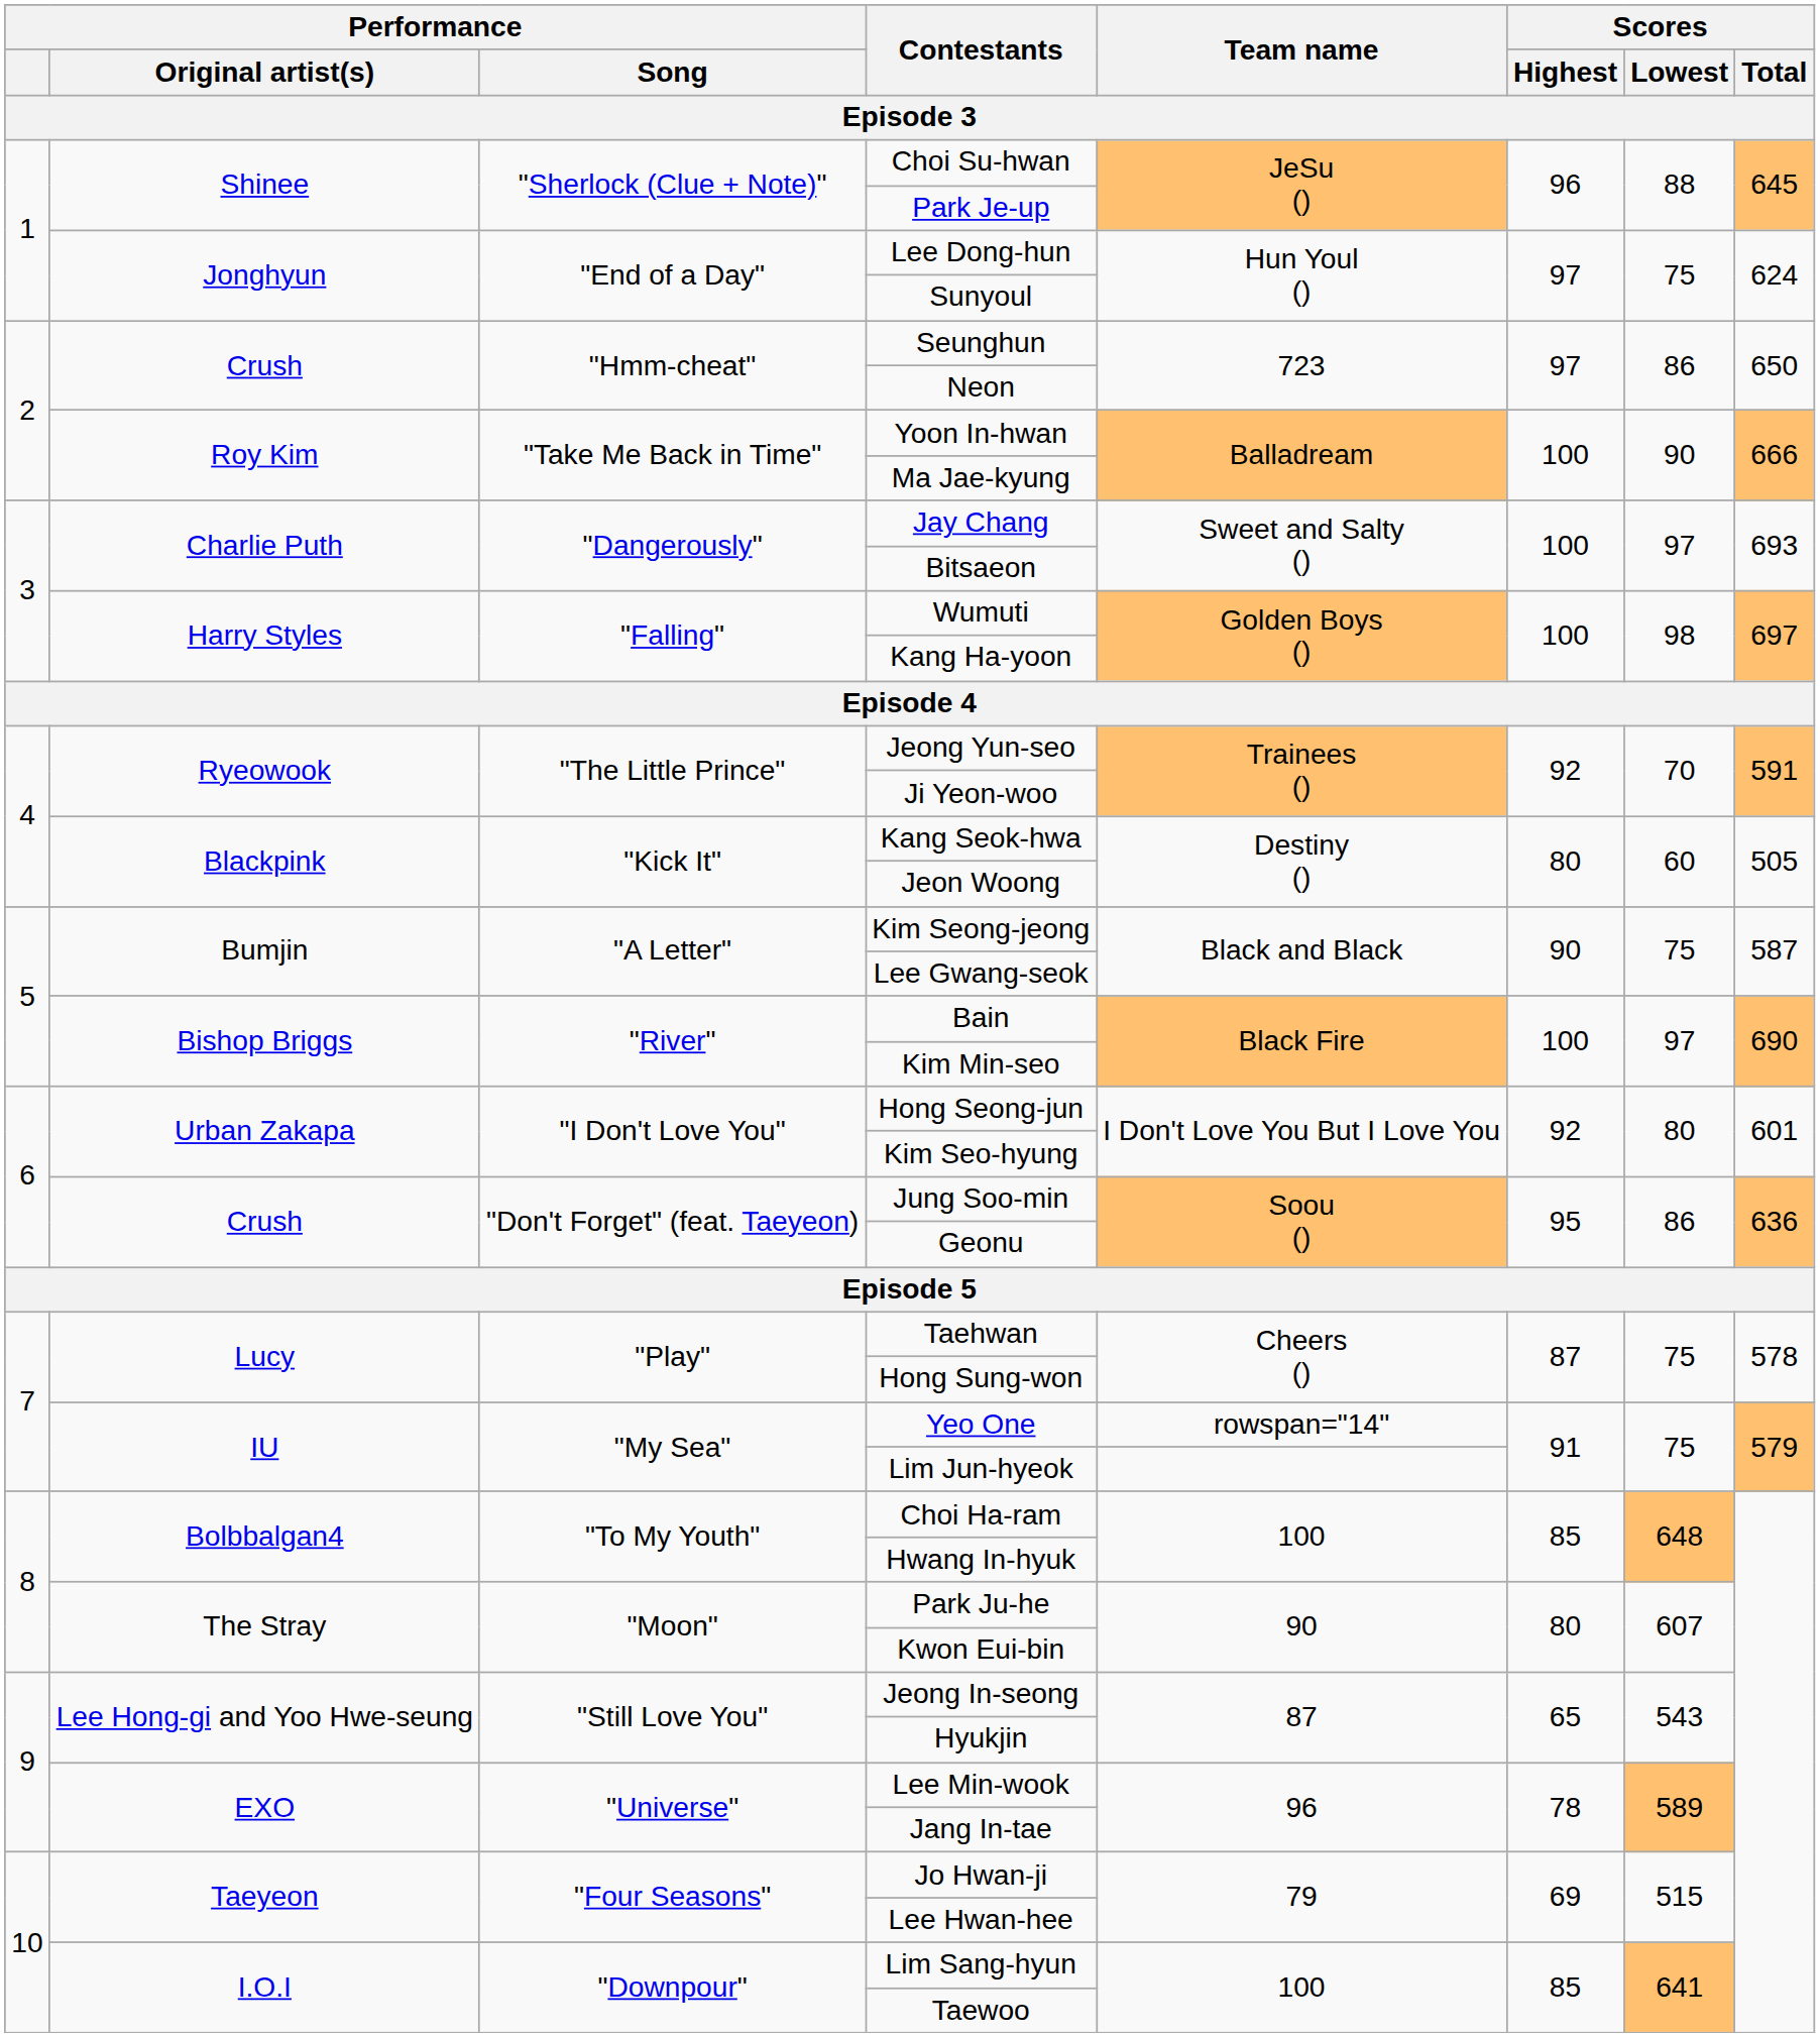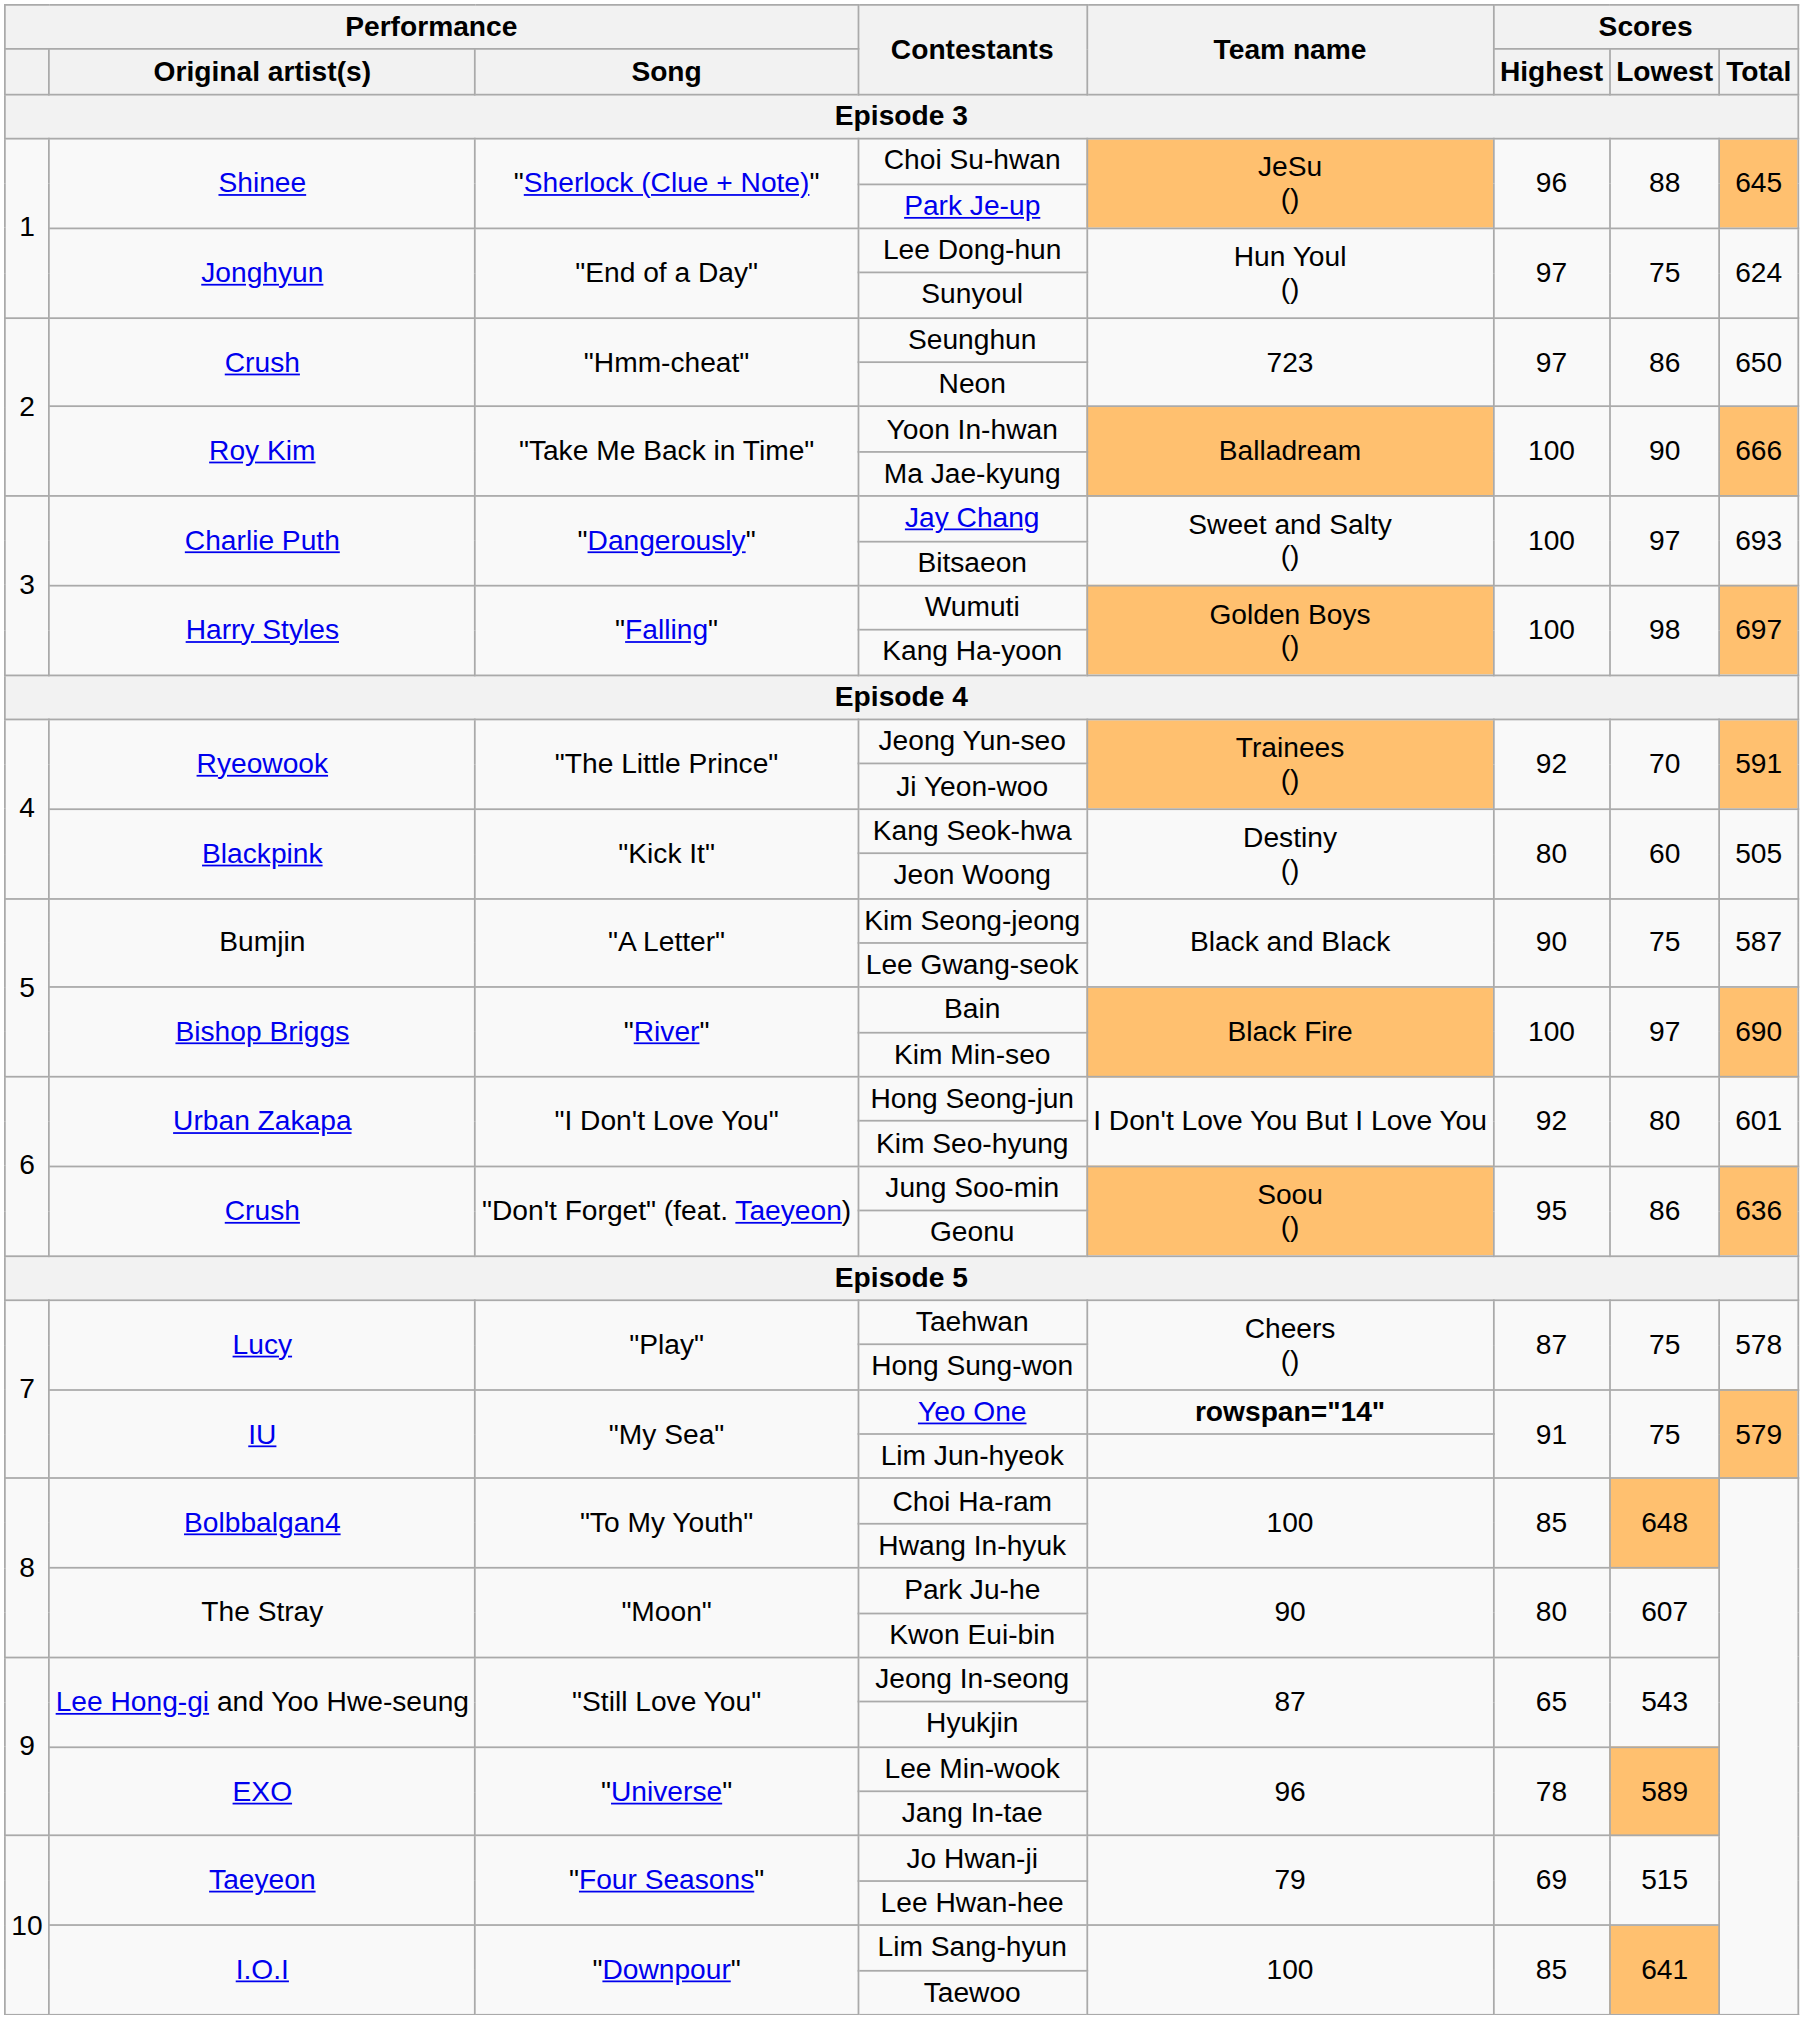 <table class="wikitable" style="text-align:center">
 <tr>
 <th colspan="3">Performance</th>
 <th rowspan="2">Contestants </th>
 <th rowspan="2">Team name</th>
 <th colspan="3">Scores</th>
 </tr>
 <tr>
 <th></th>
 <th>Original artist(s)</th>
 <th>Song</th>
 <th>Highest</th>
 <th>Lowest</th>
 <th>Total</th>
 </tr>
 <tr>
 <th colspan="8">Episode 3</th>
 </tr>
 <tr>
 <td rowspan="4">1</td>
 <td rowspan="2"><a href='#'>Shinee</a></td>
 <td rowspan="2">"<a href='#'>Sherlock (Clue + Note)</a>"<br></td>
 <td>Choi Su-hwan</td>
 <td rowspan="2" style="background:#FFC06F">JeSu<br>()</td>
 <td rowspan="2">96</td>
 <td rowspan="2">88</td>
 <td rowspan="2" style="background:#FFC06F">645</td>
 </tr>
 <tr>
 <td><a href='#'>Park Je-up</a></td>
 </tr>
 <tr>
 <td rowspan="2"><a href='#'>Jonghyun</a></td>
 <td rowspan="2">"End of a Day"<br></td>
 <td>Lee Dong-hun</td>
 <td rowspan="2">Hun Youl<br>()</td>
 <td rowspan="2">97</td>
 <td rowspan="2">75</td>
 <td rowspan="2">624</td>
 </tr>
 <tr>
 <td>Sunyoul</td>
 </tr>
 <tr>
 <td rowspan="4">2</td>
 <td rowspan="2"><a href='#'>Crush</a></td>
 <td rowspan="2">"Hmm-cheat"<br></td>
 <td>Seunghun</td>
 <td rowspan="2">723</td>
 <td rowspan="2">97</td>
 <td rowspan="2">86</td>
 <td rowspan="2">650</td>
 </tr>
 <tr>
 <td>Neon</td>
 </tr>
 <tr>
 <td rowspan="2"><a href='#'>Roy Kim</a></td>
 <td rowspan="2">"Take Me Back in Time"<br></td>
 <td>Yoon In-hwan</td>
 <td rowspan="2" style="background:#FFC06F">Balladream</td>
 <td rowspan="2">100</td>
 <td rowspan="2">90</td>
 <td rowspan="2" style="background:#FFC06F">666</td>
 </tr>
 <tr>
 <td>Ma Jae-kyung</td>
 </tr>
 <tr>
 <td rowspan="4">3</td>
 <td rowspan="2"><a href='#'>Charlie Puth</a></td>
 <td rowspan="2">"<a href='#'>Dangerously</a>"</td>
 <td><a href='#'>Jay Chang</a></td>
 <td rowspan="2">Sweet and Salty<br>()</td>
 <td rowspan="2">100</td>
 <td rowspan="2">97</td>
 <td rowspan="2">693</td>
 </tr>
 <tr>
 <td>Bitsaeon</td>
 </tr>
 <tr>
 <td rowspan="2"><a href='#'>Harry Styles</a></td>
 <td rowspan="2">"<a href='#'>Falling</a>"</td>
 <td>Wumuti</td>
 <td rowspan="2" style="background:#FFC06F">Golden Boys<br>()</td>
 <td rowspan="2">100</td>
 <td rowspan="2">98</td>
 <td rowspan="2" style="background:#FFC06F">697</td>
 </tr>
 <tr>
 <td>Kang Ha-yoon</td>
 </tr>
 <tr>
 <th colspan="8">Episode 4</th>
 </tr>
 <tr>
 <td rowspan="4">4</td>
 <td rowspan="2"><a href='#'>Ryeowook</a></td>
 <td rowspan="2">"The Little Prince"</td>
 <td>Jeong Yun-seo</td>
 <td rowspan="2" style="background:#FFC06F">Trainees<br>()</td>
 <td rowspan="2">92</td>
 <td rowspan="2">70</td>
 <td rowspan="2" style="background:#FFC06F">591</td>
 </tr>
 <tr>
 <td>Ji Yeon-woo</td>
 </tr>
 <tr>
 <td rowspan="2"><a href='#'>Blackpink</a></td>
 <td rowspan="2">"Kick It"</td>
 <td>Kang Seok-hwa</td>
 <td rowspan="2">Destiny<br>()</td>
 <td rowspan="2">80</td>
 <td rowspan="2">60</td>
 <td rowspan="2">505</td>
 </tr>
 <tr>
 <td>Jeon Woong</td>
 </tr>
 <tr>
 <td rowspan="4">5</td>
 <td rowspan="2">Bumjin</td>
 <td rowspan="2">"A Letter"<br></td>
 <td>Kim Seong-jeong</td>
 <td rowspan="2">Black and Black</td>
 <td rowspan="2">90</td>
 <td rowspan="2">75</td>
 <td rowspan="2">587</td>
 </tr>
 <tr>
 <td>Lee Gwang-seok</td>
 </tr>
 <tr>
 <td rowspan="2"><a href='#'>Bishop Briggs</a></td>
 <td rowspan="2">"<a href='#'>River</a>"</td>
 <td>Bain</td>
 <td rowspan="2" style="background:#FFC06F">Black Fire</td>
 <td rowspan="2">100</td>
 <td rowspan="2">97</td>
 <td rowspan="2" style="background:#FFC06F">690</td>
 </tr>
 <tr>
 <td>Kim Min-seo</td>
 </tr>
 <tr>
 <td rowspan="4">6</td>
 <td rowspan="2"><a href='#'>Urban Zakapa</a></td>
 <td rowspan="2">"I Don't Love You"<br></td>
 <td>Hong Seong-jun</td>
 <td rowspan="2">I Don't Love You But I Love You</td>
 <td rowspan="2">92</td>
 <td rowspan="2">80</td>
 <td rowspan="2">601</td>
 </tr>
 <tr>
 <td>Kim Seo-hyung</td>
 </tr>
 <tr>
 <td rowspan="2"><a href='#'>Crush</a></td>
 <td rowspan="2">"Don't Forget" (feat. <a href='#'>Taeyeon</a>)<br></td>
 <td>Jung Soo-min</td>
 <td rowspan="2" style="background:#FFC06F">Soou<br>()</td>
 <td rowspan="2">95</td>
 <td rowspan="2">86</td>
 <td rowspan="2" style="background:#FFC06F">636</td>
 </tr>
 <tr>
 <td>Geonu</td>
 </tr>
 <tr>
 <th colspan="8">Episode 5</th>
 </tr>
 <tr>
 <td rowspan="4">7</td>
 <td rowspan="2"><a href='#'>Lucy</a></td>
 <td rowspan="2">"Play"</td>
 <td>Taehwan</td>
 <td rowspan="2">Cheers<br>()</td>
 <td rowspan="2">87</td>
 <td rowspan="2">75</td>
 <td rowspan="2">578</td>
 </tr>
 <tr>
 <td>Hong Sung-won</td>
 </tr>
 <tr>
 <td rowspan="2"><a href='#'>IU</a></td>
 <td rowspan="2">"My Sea"<br></td>
 <td><a href='#'>Yeo One</a></td>
-<td>rowspan="14" </td>
+<td><strong>rowspan="14" </strong></td>
 <td rowspan="2">91</td>
 <td rowspan="2">75</td>
 <td rowspan="2" style="background:#FFC06F">579</td>
 </tr>
 <tr>
 <td>Lim Jun-hyeok</td>
 </tr>
 <tr>
 <td rowspan="4">8</td>
 <td rowspan="2"><a href='#'>Bolbbalgan4</a></td>
 <td rowspan="2">"To My Youth"<br></td>
 <td>Choi Ha-ram</td>
 <td rowspan="2">100</td>
 <td rowspan="2">85</td>
 <td rowspan="2"style="background:#FFC06F">648</td>
 </tr>
 <tr>
 <td>Hwang In-hyuk</td>
 </tr>
 <tr>
 <td rowspan="2">The Stray</td>
 <td rowspan="2">"Moon"<br></td>
 <td>Park Ju-he</td>
 <td rowspan="2">90</td>
 <td rowspan="2">80</td>
 <td rowspan="2">607</td>
 </tr>
 <tr>
 <td>Kwon Eui-bin</td>
 </tr>
 <tr>
 <td rowspan="4">9</td>
 <td rowspan="2"><a href='#'>Lee Hong-gi</a> and Yoo Hwe-seung</td>
 <td rowspan="2">"Still Love You"<br></td>
 <td>Jeong In-seong</td>
 <td rowspan="2">87</td>
 <td rowspan="2">65</td>
 <td rowspan="2">543</td>
 </tr>
 <tr>
 <td>Hyukjin</td>
 </tr>
 <tr>
 <td rowspan="2"><a href='#'>EXO</a></td>
 <td rowspan="2">"<a href='#'>Universe</a>"</td>
 <td>Lee Min-wook</td>
 <td rowspan="2">96</td>
 <td rowspan="2">78</td>
 <td rowspan="2" style="background:#FFC06F">589</td>
 </tr>
 <tr>
 <td>Jang In-tae</td>
 </tr>
 <tr>
 <td rowspan="4">10</td>
 <td rowspan="2"><a href='#'>Taeyeon</a></td>
 <td rowspan="2">"<a href='#'>Four Seasons</a>"<br></td>
 <td>Jo Hwan-ji</td>
 <td rowspan="2">79</td>
 <td rowspan="2">69</td>
 <td rowspan="2">515</td>
 </tr>
 <tr>
 <td>Lee Hwan-hee</td>
 </tr>
 <tr>
 <td rowspan="2"><a href='#'>I.O.I</a></td>
 <td rowspan="2">"<a href='#'>Downpour</a>"<br></td>
 <td>Lim Sang-hyun</td>
 <td rowspan="2">100</td>
 <td rowspan="2">85</td>
 <td rowspan="2" style="background:#FFC06F">641</td>
 </tr>
 <tr>
 <td>Taewoo</td>
 </tr>
 </table>
